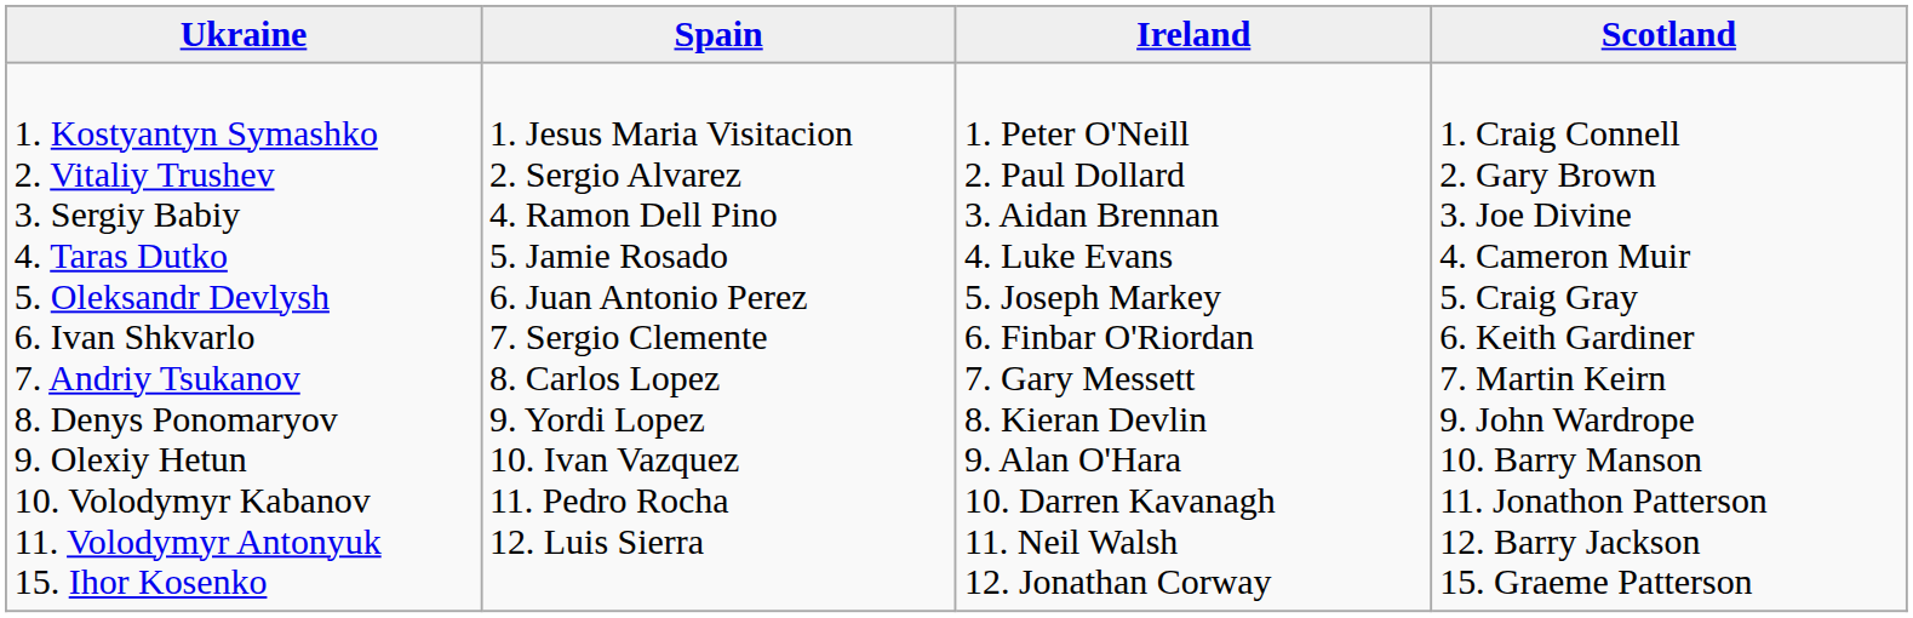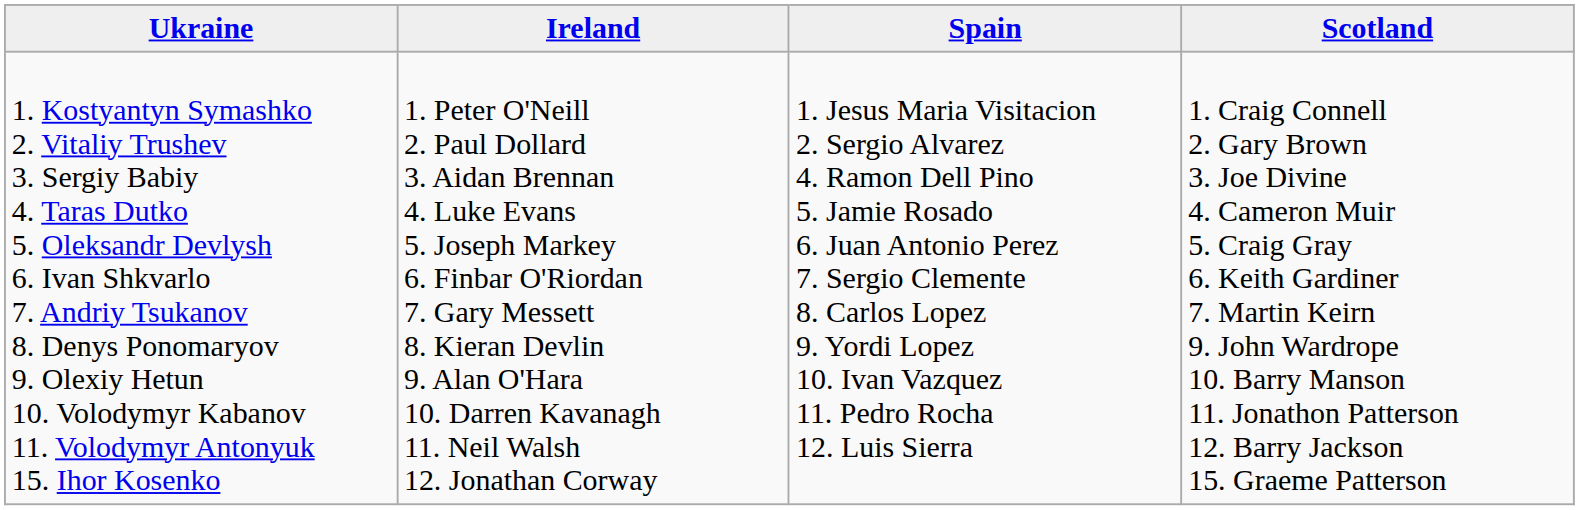 <table class="wikitable mw-collapsible mw-collapsed" cellpadding=5 cellspacing=0 style="width:95%">
 <tr align=center>
 <td bgcolor="#efefef" width="200"><strong> <a href='#'>Ukraine</a></strong></td>
+<td bgcolor="#efefef" width="200"><strong> <a href='#'>Ireland</a></strong></td>
 <td bgcolor="#efefef" width="200"><strong> <a href='#'>Spain</a></strong></td>
-<td bgcolor="#efefef" width="200"><strong> <a href='#'>Ireland</a></strong></td>
 <td bgcolor="#efefef" width="200"><strong> <a href='#'>Scotland</a></strong></td>
 </tr>
 <tr valign=top>
 <td><br>1. <a href='#'>Kostyantyn Symashko</a><br> 2. <a href='#'>Vitaliy Trushev</a><br> 3. Sergiy Babiy<br> 4. <a href='#'>Taras Dutko</a><br> 5. <a href='#'>Oleksandr Devlysh</a><br> 6. Ivan Shkvarlo<br> 7. <a href='#'>Andriy Tsukanov</a><br> 8. Denys Ponomaryov<br> 9. Olexiy Hetun<br> 10. Volodymyr Kabanov<br> 11. <a href='#'>Volodymyr Antonyuk</a><br> 15. <a href='#'>Ihor Kosenko</a><br></td>
+<td><br>1. Peter O'Neill<br> 2. Paul Dollard<br> 3. Aidan Brennan<br> 4. Luke Evans<br> 5. Joseph Markey<br> 6. Finbar O'Riordan<br> 7. Gary Messett<br> 8. Kieran Devlin<br> 9. Alan O'Hara<br> 10. Darren Kavanagh<br> 11. Neil Walsh<br> 12. Jonathan Corway<br></td>
 <td><br>1. Jesus Maria Visitacion<br> 2. Sergio Alvarez<br> 4. Ramon Dell Pino<br> 5. Jamie Rosado<br> 6. Juan Antonio Perez<br> 7. Sergio Clemente<br> 8. Carlos Lopez<br> 9. Yordi Lopez<br> 10. Ivan Vazquez<br> 11. Pedro Rocha<br> 12. Luis Sierra<br></td>
-<td><br>1. Peter O'Neill<br> 2. Paul Dollard<br> 3. Aidan Brennan<br> 4. Luke Evans<br> 5. Joseph Markey<br> 6. Finbar O'Riordan<br> 7. Gary Messett<br> 8. Kieran Devlin<br> 9. Alan O'Hara<br> 10. Darren Kavanagh<br> 11. Neil Walsh<br> 12. Jonathan Corway<br></td>
 <td><br>1. Craig Connell<br> 2. Gary Brown<br> 3. Joe Divine<br> 4. Cameron Muir<br> 5. Craig Gray<br> 6. Keith Gardiner<br> 7. Martin Keirn<br> 9. John Wardrope<br> 10. Barry Manson<br> 11. Jonathon Patterson<br> 12. Barry Jackson<br> 15. Graeme Patterson<br></td>
 </tr>
 </table>
